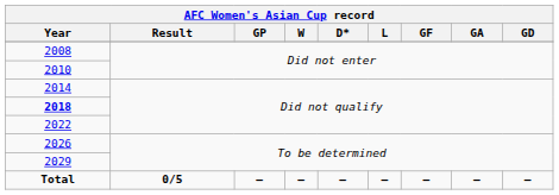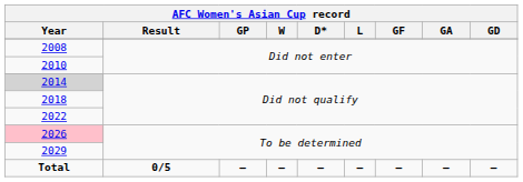 <table class="wikitable" style="text-align: center; width:50%;">
 <tr>
 <th colspan=10><a href='#'>AFC Women's Asian Cup</a> record</th>
 </tr>
 <tr>
 <th>Year</th>
 <th>Result</th>
 <th>GP</th>
 <th>W</th>
 <th>D*</th>
 <th>L</th>
 <th>GF</th>
 <th>GA</th>
 <th>GD</th>
 </tr>
 <tr>
 </tr>
 <tr>
 <td> <a href='#'>2008</a></td>
 <td colspan=8 rowspan=2><em>Did not enter</em></td>
 </tr>
 <tr>
 <td> <a href='#'>2010</a></td>
 </tr>
 <tr>
-<td> <a href='#'>2014</a></td>
+<td style="background: lightgrey;"> <a href='#'>2014</a></td>
 <td colspan=8 rowspan=3><em>Did not qualify</em></td>
 </tr>
 <tr>
-<td><strong> <a href='#'>2018</a></strong></td>
+<td> <a href='#'>2018</a></td>
 </tr>
 <tr>
 <td> <a href='#'>2022</a></td>
 </tr>
 <tr>
-<td> <a href='#'>2026</a></td>
+<td style="background: pink;"> <a href='#'>2026</a></td>
 <td colspan=9 rowspan=2><em>To be determined </em></td>
 </tr>
 <tr>
 <td> <a href='#'>2029</a></td>
 </tr>
 <tr>
 <td><strong>Total</strong></td>
 <td><strong>0/5</strong></td>
 <td><strong>–</strong></td>
 <td><strong>–</strong></td>
 <td><strong>–</strong></td>
 <td><strong>–</strong></td>
 <td><strong>–</strong></td>
 <td><strong>–</strong></td>
 <td><strong>–</strong></td>
 </tr>
 </table>
